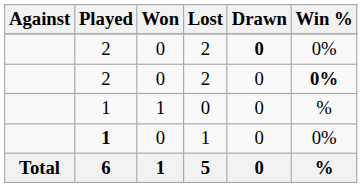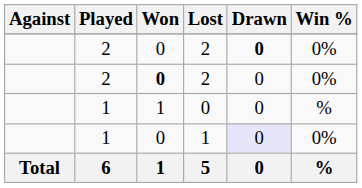 <table class="sortable wikitable" style="font-size: 100%; text-align:center">
 <tr>
 <th>Against</th>
 <th>Played</th>
 <th>Won</th>
 <th>Lost</th>
 <th>Drawn</th>
 <th>Win %</th>
 </tr>
 <tr style="background:#d0ffd0; text-align:center">
 </tr>
 <tr>
 <td style="text-align:left"></td>
 <td>2</td>
 <td>0</td>
 <td>2</td>
 <td><strong>0</strong></td>
 <td>0%</td>
 </tr>
 <tr>
 <td style="text-align:left"></td>
 <td>2</td>
-<td>0</td>
+<td><strong>0</strong></td>
 <td>2</td>
 <td>0</td>
-<td><strong>0%</strong></td>
+<td>0%</td>
 </tr>
 <tr>
 <td style="text-align:left"></td>
 <td>1</td>
 <td>1</td>
 <td>0</td>
 <td>0</td>
 <td>%</td>
 </tr>
 <tr>
 <td style="text-align:left"></td>
-<td><strong>1</strong></td>
+<td>1</td>
 <td>0</td>
 <td>1</td>
-<td>0</td>
+<td style="background: lavender;">0</td>
 <td>0%</td>
 </tr>
 <tr>
 <th>Total</th>
 <th>6</th>
 <th>1</th>
 <th>5</th>
 <th>0</th>
 <th>%</th>
 </tr>
 </table>
